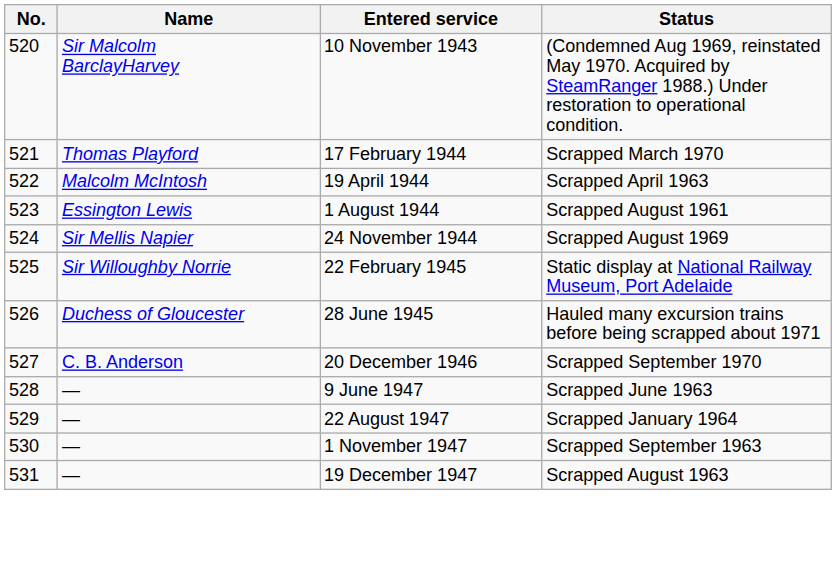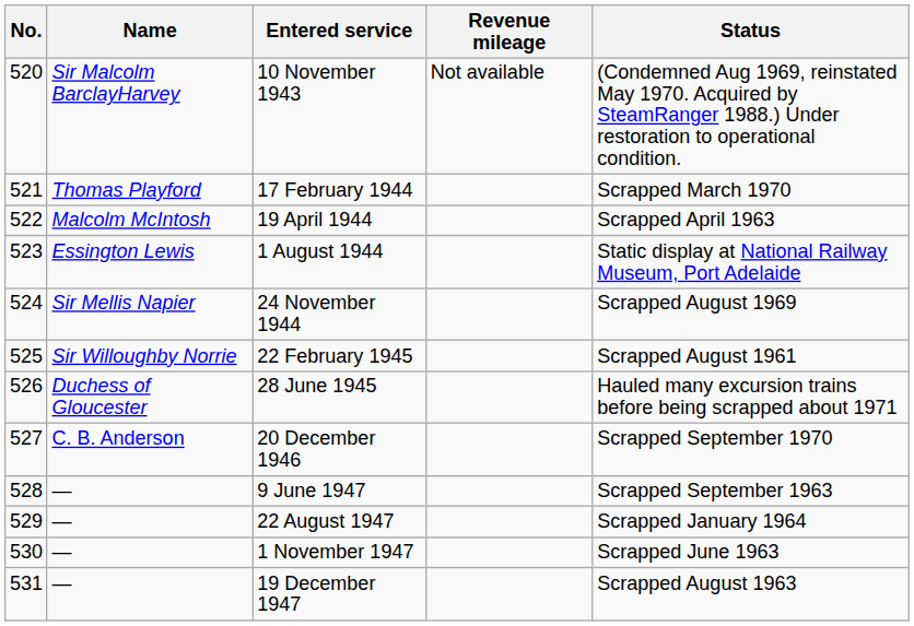 <table class="wikitable" style="width:50%; font-size: 86%">
 <tr style="width:10%">
 <th>No.</th>
 <th>Name</th>
 <th>Entered service</th>
+<th>Revenue mileage</th>
 <th style= "width:35%">Status </th>
 </tr>
 <tr style="vertical-align: top">
 <td>520</td>
 <td><em><a href='#'>Sir Malcolm<br>BarclayHarvey</a></em></td>
 <td>10 November 1943</td>
+<td>Not available</td>
 <td>(Condemned Aug 1969, reinstated May 1970. Acquired by <a href='#'>SteamRanger</a> 1988.) Under restoration to operational condition.</td>
 </tr>
 <tr style="vertical-align: top">
 <td>521</td>
 <td><em><a href='#'>Thomas Playford</a></em></td>
 <td>17 February 1944</td>
+<td></td>
 <td>Scrapped March 1970</td>
 </tr>
 <tr style="vertical-align: top">
 <td>522</td>
 <td><a href='#'><em>Malcolm McIntosh</em></a></td>
 <td>19 April 1944</td>
+<td></td>
 <td>Scrapped April 1963</td>
 </tr>
 <tr style="vertical-align: top">
 <td>523</td>
 <td><em><a href='#'>Essington Lewis</a></em></td>
 <td>1 August 1944</td>
-<td>Scrapped August 1961</td>
+<td></td>
+<td>Static display at <a href='#'>National Railway Museum, Port Adelaide</a></td>
 </tr>
 <tr style="vertical-align: top">
 <td>524</td>
 <td><em><a href='#'>Sir Mellis Napier</a></em></td>
 <td>24 November 1944</td>
+<td></td>
 <td>Scrapped August 1969</td>
 </tr>
 <tr style="vertical-align: top">
 <td>525</td>
 <td><em><a href='#'>Sir Willoughby Norrie</a></em></td>
 <td>22 February 1945</td>
-<td>Static display at <a href='#'>National Railway Museum, Port Adelaide</a></td>
+<td></td>
+<td>Scrapped August 1961</td>
 </tr>
 <tr style="vertical-align: top">
 <td>526</td>
 <td><a href='#'><em>Duchess of Gloucester</em></a></td>
 <td>28 June 1945</td>
+<td></td>
 <td>Hauled many excursion trains before being scrapped about 1971</td>
 </tr>
 <tr style="vertical-align: top">
 <td>527</td>
 <td><a href='#'>C. B. Anderson</a></td>
 <td>20 December 1946</td>
+<td></td>
 <td>Scrapped September 1970</td>
 </tr>
 <tr style="vertical-align: top">
 <td>528</td>
 <td>—</td>
 <td>9 June 1947</td>
-<td>Scrapped June 1963</td>
+<td></td>
+<td>Scrapped September 1963</td>
 </tr>
 <tr style="vertical-align: top">
 <td>529</td>
 <td>—</td>
 <td>22 August 1947</td>
+<td></td>
 <td>Scrapped January 1964</td>
 </tr>
 <tr style="vertical-align: top">
 <td>530</td>
 <td>—</td>
 <td>1 November 1947</td>
-<td>Scrapped September 1963</td>
+<td></td>
+<td>Scrapped June 1963</td>
 </tr>
 <tr style="vertical-align: top">
 <td>531</td>
 <td>—</td>
 <td>19 December 1947</td>
+<td></td>
 <td>Scrapped August 1963</td>
 </tr>
 </table>
